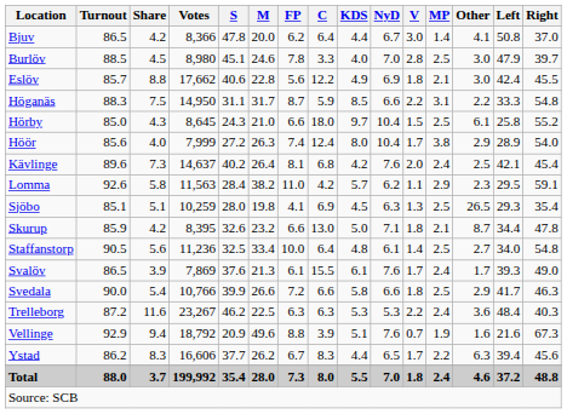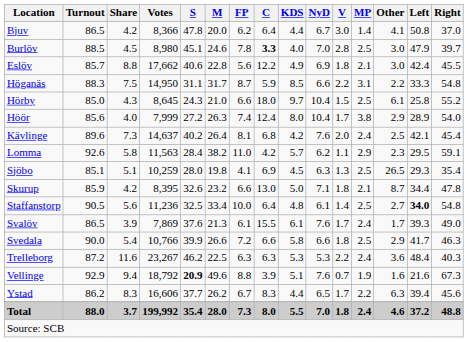 <table class="wikitable sortable" style=text-align:right>
 <tr>
 <th>Location</th>
 <th>Turnout</th>
 <th>Share</th>
 <th>Votes</th>
 <th><a href='#'>S</a></th>
 <th><a href='#'>M</a></th>
 <th><a href='#'>FP</a></th>
 <th><a href='#'>C</a></th>
 <th><a href='#'>KDS</a></th>
 <th><a href='#'>NyD</a></th>
 <th><a href='#'>V</a></th>
 <th><a href='#'>MP</a></th>
 <th>Other</th>
 <th>Left</th>
 <th>Right</th>
 </tr>
 <tr>
 <td align=left><a href='#'>Bjuv</a></td>
 <td>86.5</td>
 <td>4.2</td>
 <td>8,366</td>
 <td>47.8</td>
 <td>20.0</td>
 <td>6.2</td>
 <td>6.4</td>
 <td>4.4</td>
 <td>6.7</td>
 <td>3.0</td>
 <td>1.4</td>
 <td>4.1</td>
 <td>50.8</td>
 <td>37.0</td>
 </tr>
 <tr>
 <td align=left><a href='#'>Burlöv</a></td>
 <td>88.5</td>
 <td>4.5</td>
 <td>8,980</td>
 <td>45.1</td>
 <td>24.6</td>
 <td>7.8</td>
-<td>3.3</td>
+<td><strong>3.3</strong></td>
 <td>4.0</td>
 <td>7.0</td>
 <td>2.8</td>
 <td>2.5</td>
 <td>3.0</td>
 <td>47.9</td>
 <td>39.7</td>
 </tr>
 <tr>
 <td align=left><a href='#'>Eslöv</a></td>
 <td>85.7</td>
 <td>8.8</td>
 <td>17,662</td>
 <td>40.6</td>
 <td>22.8</td>
 <td>5.6</td>
 <td>12.2</td>
 <td>4.9</td>
 <td>6.9</td>
 <td>1.8</td>
 <td>2.1</td>
 <td>3.0</td>
 <td>42.4</td>
 <td>45.5</td>
 </tr>
 <tr>
 <td align=left><a href='#'>Höganäs</a></td>
 <td>88.3</td>
 <td>7.5</td>
 <td>14,950</td>
 <td>31.1</td>
 <td>31.7</td>
 <td>8.7</td>
 <td>5.9</td>
 <td>8.5</td>
 <td>6.6</td>
 <td>2.2</td>
 <td>3.1</td>
 <td>2.2</td>
 <td>33.3</td>
 <td>54.8</td>
 </tr>
 <tr>
 <td align=left><a href='#'>Hörby</a></td>
 <td>85.0</td>
 <td>4.3</td>
 <td>8,645</td>
 <td>24.3</td>
 <td>21.0</td>
 <td>6.6</td>
 <td>18.0</td>
 <td>9.7</td>
 <td>10.4</td>
 <td>1.5</td>
 <td>2.5</td>
 <td>6.1</td>
 <td>25.8</td>
 <td>55.2</td>
 </tr>
 <tr>
 <td align=left><a href='#'>Höör</a></td>
 <td>85.6</td>
 <td>4.0</td>
 <td>7,999</td>
 <td>27.2</td>
 <td>26.3</td>
 <td>7.4</td>
 <td>12.4</td>
 <td>8.0</td>
 <td>10.4</td>
 <td>1.7</td>
 <td>3.8</td>
 <td>2.9</td>
 <td>28.9</td>
 <td>54.0</td>
 </tr>
 <tr>
 <td align=left><a href='#'>Kävlinge</a></td>
 <td>89.6</td>
 <td>7.3</td>
 <td>14,637</td>
 <td>40.2</td>
 <td>26.4</td>
 <td>8.1</td>
 <td>6.8</td>
 <td>4.2</td>
 <td>7.6</td>
 <td>2.0</td>
 <td>2.4</td>
 <td>2.5</td>
 <td>42.1</td>
 <td>45.4</td>
 </tr>
 <tr>
 <td align=left><a href='#'>Lomma</a></td>
 <td>92.6</td>
 <td>5.8</td>
 <td>11,563</td>
 <td>28.4</td>
 <td>38.2</td>
 <td>11.0</td>
 <td>4.2</td>
 <td>5.7</td>
 <td>6.2</td>
 <td>1.1</td>
 <td>2.9</td>
 <td>2.3</td>
 <td>29.5</td>
 <td>59.1</td>
 </tr>
 <tr>
 <td align=left><a href='#'>Sjöbo</a></td>
 <td>85.1</td>
 <td>5.1</td>
 <td>10,259</td>
 <td>28.0</td>
 <td>19.8</td>
 <td>4.1</td>
 <td>6.9</td>
 <td>4.5</td>
 <td>6.3</td>
 <td>1.3</td>
 <td>2.5</td>
 <td>26.5</td>
 <td>29.3</td>
 <td>35.4</td>
 </tr>
 <tr>
 <td align=left><a href='#'>Skurup</a></td>
 <td>85.9</td>
 <td>4.2</td>
 <td>8,395</td>
 <td>32.6</td>
 <td>23.2</td>
 <td>6.6</td>
 <td>13.0</td>
 <td>5.0</td>
 <td>7.1</td>
 <td>1.8</td>
 <td>2.1</td>
 <td>8.7</td>
 <td>34.4</td>
 <td>47.8</td>
 </tr>
 <tr>
 <td align=left><a href='#'>Staffanstorp</a></td>
 <td>90.5</td>
 <td>5.6</td>
 <td>11,236</td>
 <td>32.5</td>
 <td>33.4</td>
 <td>10.0</td>
 <td>6.4</td>
 <td>4.8</td>
 <td>6.1</td>
 <td>1.4</td>
 <td>2.5</td>
 <td>2.7</td>
-<td>34.0</td>
+<td><strong>34.0</strong></td>
 <td>54.8</td>
 </tr>
 <tr>
 <td align=left><a href='#'>Svalöv</a></td>
 <td>86.5</td>
 <td>3.9</td>
 <td>7,869</td>
 <td>37.6</td>
 <td>21.3</td>
 <td>6.1</td>
 <td>15.5</td>
 <td>6.1</td>
 <td>7.6</td>
 <td>1.7</td>
 <td>2.4</td>
 <td>1.7</td>
 <td>39.3</td>
 <td>49.0</td>
 </tr>
 <tr>
 <td align=left><a href='#'>Svedala</a></td>
 <td>90.0</td>
 <td>5.4</td>
 <td>10,766</td>
 <td>39.9</td>
 <td>26.6</td>
 <td>7.2</td>
 <td>6.6</td>
 <td>5.8</td>
 <td>6.6</td>
 <td>1.8</td>
 <td>2.5</td>
 <td>2.9</td>
 <td>41.7</td>
 <td>46.3</td>
 </tr>
 <tr>
 <td align=left><a href='#'>Trelleborg</a></td>
 <td>87.2</td>
 <td>11.6</td>
 <td>23,267</td>
 <td>46.2</td>
 <td>22.5</td>
 <td>6.3</td>
 <td>6.3</td>
 <td>5.3</td>
 <td>5.3</td>
 <td>2.2</td>
 <td>2.4</td>
 <td>3.6</td>
 <td>48.4</td>
 <td>40.3</td>
 </tr>
 <tr>
 <td align=left><a href='#'>Vellinge</a></td>
 <td>92.9</td>
 <td>9.4</td>
 <td>18,792</td>
-<td>20.9</td>
+<td><strong>20.9</strong></td>
 <td>49.6</td>
 <td>8.8</td>
 <td>3.9</td>
 <td>5.1</td>
 <td>7.6</td>
 <td>0.7</td>
 <td>1.9</td>
 <td>1.6</td>
 <td>21.6</td>
 <td>67.3</td>
 </tr>
 <tr>
 <td align=left><a href='#'>Ystad</a></td>
 <td>86.2</td>
 <td>8.3</td>
 <td>16,606</td>
 <td>37.7</td>
 <td>26.2</td>
 <td>6.7</td>
 <td>8.3</td>
 <td>4.4</td>
 <td>6.5</td>
 <td>1.7</td>
 <td>2.2</td>
 <td>6.3</td>
 <td>39.4</td>
 <td>45.6</td>
 </tr>
 <tr>
 </tr>
 <tr style="background:#CDCDCD;">
 <td align=left><strong>Total</strong></td>
 <td><strong>88.0</strong></td>
 <td><strong>3.7</strong></td>
 <td><strong>199,992</strong></td>
 <td><strong>35.4</strong></td>
 <td><strong>28.0</strong></td>
 <td><strong>7.3</strong></td>
 <td><strong>8.0</strong></td>
 <td><strong>5.5</strong></td>
 <td><strong>7.0</strong></td>
 <td><strong>1.8</strong></td>
 <td><strong>2.4</strong></td>
 <td><strong>4.6</strong></td>
 <td><strong>37.2</strong></td>
 <td><strong>48.8</strong></td>
 </tr>
 <tr>
 <td align=left colspan=15>Source: SCB </td>
 </tr>
 </table>
